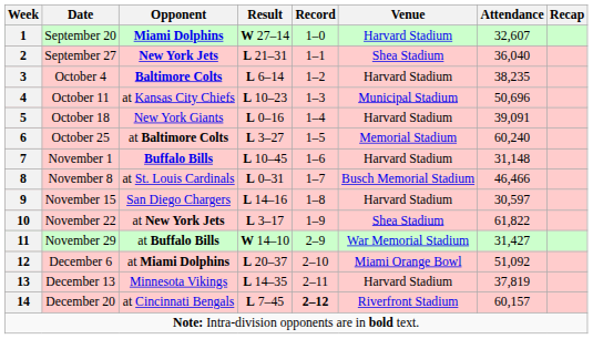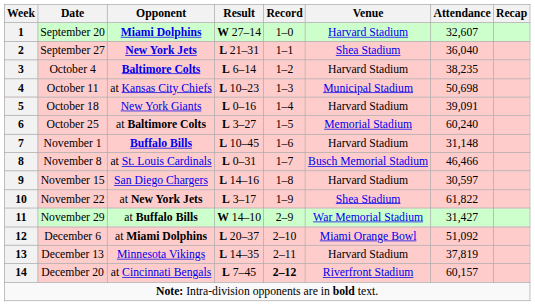 <table class="wikitable" style="text-align:center">
 <tr>
 <th>Week</th>
 <th>Date</th>
 <th>Opponent</th>
 <th>Result</th>
 <th>Record</th>
 <th>Venue</th>
 <th>Attendance</th>
 <th>Recap</th>
 </tr>
 <tr style="background: #cfc;">
 <th>1</th>
 <td>September 20</td>
 <td><strong><a href='#'>Miami Dolphins</a></strong></td>
 <td><strong>W</strong> 27–14</td>
 <td>1–0</td>
 <td><a href='#'>Harvard Stadium</a></td>
 <td>32,607</td>
 <td></td>
 </tr>
 <tr style="background: #fcc;">
 <th>2</th>
 <td>September 27</td>
 <td><strong><a href='#'>New York Jets</a></strong></td>
 <td><strong>L</strong> 21–31</td>
 <td>1–1</td>
 <td><a href='#'>Shea Stadium</a></td>
 <td>36,040</td>
 <td></td>
 </tr>
 <tr style="background: #fcc;">
 <th>3</th>
 <td>October 4</td>
 <td><strong><a href='#'>Baltimore Colts</a></strong></td>
 <td><strong>L</strong> 6–14</td>
 <td>1–2</td>
 <td>Harvard Stadium</td>
 <td>38,235</td>
 <td></td>
 </tr>
 <tr style="background: #fcc;">
 <th>4</th>
 <td>October 11</td>
 <td>at <a href='#'>Kansas City Chiefs</a></td>
 <td><strong>L</strong> 10–23</td>
 <td>1–3</td>
 <td><a href='#'>Municipal Stadium</a></td>
-<td>50,696</td>
+<td>50,698</td>
 <td></td>
 </tr>
 <tr style="background: #fcc;">
 <th>5</th>
 <td>October 18</td>
 <td><a href='#'>New York Giants</a></td>
 <td><strong>L</strong> 0–16</td>
 <td>1–4</td>
 <td>Harvard Stadium</td>
 <td>39,091</td>
 <td></td>
 </tr>
 <tr style="background: #fcc;">
 <th>6</th>
 <td>October 25</td>
 <td>at <strong>Baltimore Colts</strong></td>
 <td><strong>L</strong> 3–27</td>
 <td>1–5</td>
 <td><a href='#'>Memorial Stadium</a></td>
 <td>60,240</td>
 <td></td>
 </tr>
 <tr style="background: #fcc;">
 <th>7</th>
 <td>November 1</td>
 <td><strong><a href='#'>Buffalo Bills</a></strong></td>
 <td><strong>L</strong> 10–45</td>
 <td>1–6</td>
 <td>Harvard Stadium</td>
 <td>31,148</td>
 <td></td>
 </tr>
 <tr style="background: #fcc;">
 <th>8</th>
 <td>November 8</td>
 <td>at <a href='#'>St. Louis Cardinals</a></td>
 <td><strong>L</strong> 0–31</td>
 <td>1–7</td>
 <td><a href='#'>Busch Memorial Stadium</a></td>
 <td>46,466</td>
 <td></td>
 </tr>
 <tr style="background: #fcc;">
 <th>9</th>
 <td>November 15</td>
 <td><a href='#'>San Diego Chargers</a></td>
 <td><strong>L</strong> 14–16</td>
 <td>1–8</td>
 <td>Harvard Stadium</td>
 <td>30,597</td>
 <td></td>
 </tr>
 <tr style="background: #fcc;">
 <th>10</th>
 <td>November 22</td>
 <td>at <strong>New York Jets</strong></td>
 <td><strong>L</strong> 3–17</td>
 <td>1–9</td>
 <td><a href='#'>Shea Stadium</a></td>
 <td>61,822</td>
 <td></td>
 </tr>
 <tr style="background: #cfc;">
 <th>11</th>
 <td>November 29</td>
 <td>at <strong>Buffalo Bills</strong></td>
 <td><strong>W</strong> 14–10</td>
 <td>2–9</td>
 <td><a href='#'>War Memorial Stadium</a></td>
 <td>31,427</td>
 <td></td>
 </tr>
 <tr style="background: #fcc;">
 <th>12</th>
 <td>December 6</td>
 <td>at <strong>Miami Dolphins</strong></td>
 <td><strong>L</strong> 20–37</td>
 <td>2–10</td>
 <td><a href='#'>Miami Orange Bowl</a></td>
 <td>51,092</td>
 <td></td>
 </tr>
 <tr style="background: #fcc;">
 <th>13</th>
 <td>December 13</td>
 <td><a href='#'>Minnesota Vikings</a></td>
 <td><strong>L</strong> 14–35</td>
 <td>2–11</td>
 <td>Harvard Stadium</td>
 <td>37,819</td>
 <td></td>
 </tr>
 <tr style="background: #fcc;">
 <th>14</th>
 <td>December 20</td>
 <td>at <a href='#'>Cincinnati Bengals</a></td>
 <td><strong>L</strong> 7–45</td>
 <td><strong>2–12</strong></td>
 <td><a href='#'>Riverfront Stadium</a></td>
 <td>60,157</td>
 <td></td>
 </tr>
 <tr>
 <td colspan="8"><strong>Note:</strong> Intra-division opponents are in <strong>bold</strong> text.</td>
 </tr>
 </table>
